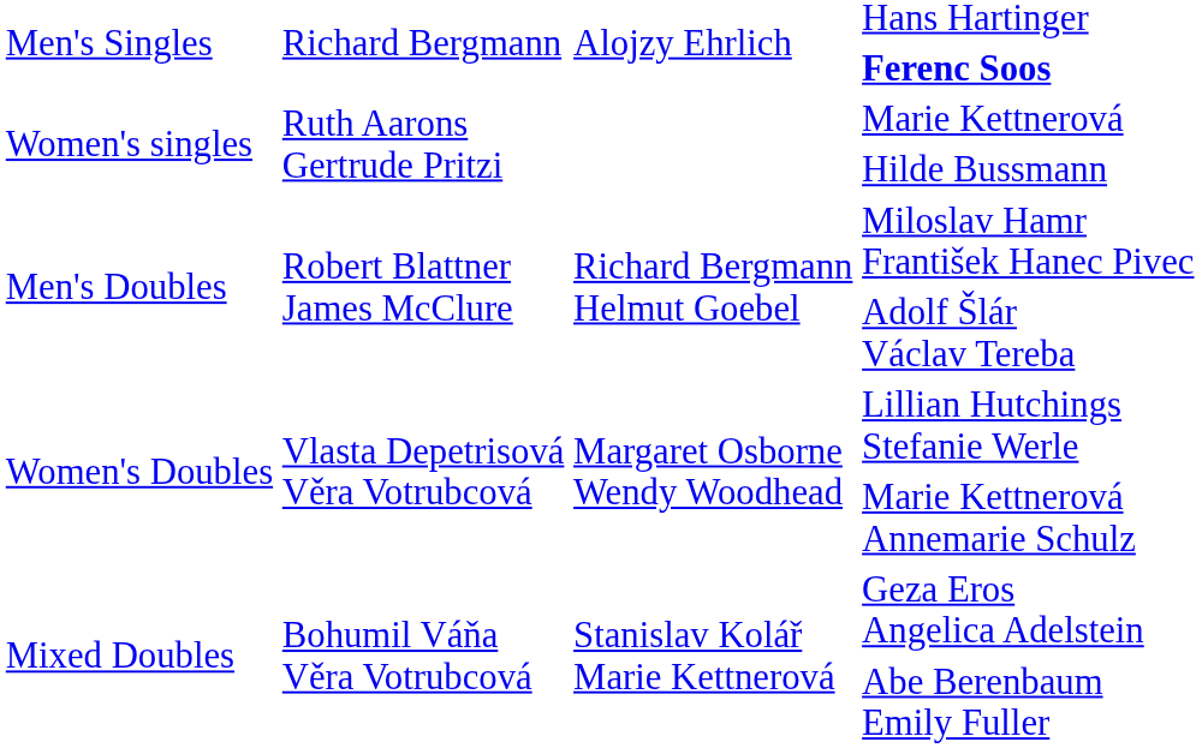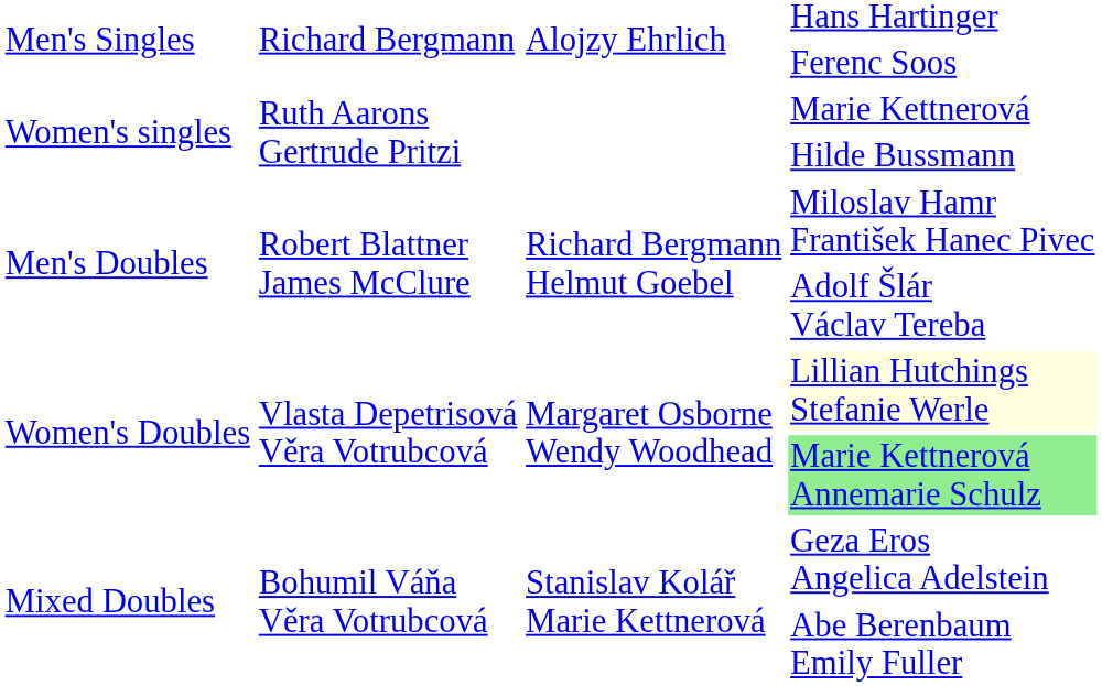 <table>
 <tr>
 <td rowspan=2><a href='#'>Men's Singles</a></td>
 <td rowspan=2> <a href='#'>Richard Bergmann</a></td>
 <td rowspan=2> <a href='#'>Alojzy Ehrlich</a></td>
 <td> <a href='#'>Hans Hartinger</a></td>
 </tr>
 <tr>
-<td><strong> <a href='#'>Ferenc Soos</a></strong></td>
+<td> <a href='#'>Ferenc Soos</a></td>
 </tr>
 <tr>
 <td rowspan=2><a href='#'>Women's singles</a></td>
 <td colspan=2 rowspan=2> <a href='#'>Ruth Aarons</a><br> <a href='#'>Gertrude Pritzi</a></td>
 <td> <a href='#'>Marie Kettnerová</a></td>
 </tr>
 <tr>
 <td> <a href='#'>Hilde Bussmann</a></td>
 </tr>
 <tr>
 <td rowspan=2><a href='#'>Men's Doubles</a></td>
 <td rowspan=2> <a href='#'>Robert Blattner</a><br> <a href='#'>James McClure</a></td>
 <td rowspan=2> <a href='#'>Richard Bergmann</a><br> <a href='#'>Helmut Goebel</a></td>
 <td> <a href='#'>Miloslav Hamr</a><br> <a href='#'>František Hanec Pivec</a></td>
 </tr>
 <tr>
 <td> <a href='#'>Adolf Šlár</a><br> <a href='#'>Václav Tereba</a></td>
 </tr>
 <tr>
 <td rowspan=2><a href='#'>Women's Doubles</a></td>
 <td rowspan=2> <a href='#'>Vlasta Depetrisová</a><br> <a href='#'>Věra Votrubcová</a></td>
 <td rowspan=2> <a href='#'>Margaret Osborne</a><br> <a href='#'>Wendy Woodhead</a></td>
-<td> <a href='#'>Lillian Hutchings</a><br> <a href='#'>Stefanie Werle</a></td>
+<td style="background: lightyellow;"> <a href='#'>Lillian Hutchings</a><br> <a href='#'>Stefanie Werle</a></td>
 </tr>
 <tr>
-<td> <a href='#'>Marie Kettnerová</a><br> <a href='#'>Annemarie Schulz</a></td>
+<td style="background: lightgreen;"> <a href='#'>Marie Kettnerová</a><br> <a href='#'>Annemarie Schulz</a></td>
 </tr>
 <tr>
 <td rowspan=2><a href='#'>Mixed Doubles</a></td>
 <td rowspan=2> <a href='#'>Bohumil Váňa</a><br> <a href='#'>Věra Votrubcová</a></td>
 <td rowspan=2> <a href='#'>Stanislav Kolář</a><br> <a href='#'>Marie Kettnerová</a></td>
 <td> <a href='#'>Geza Eros</a><br> <a href='#'>Angelica Adelstein</a></td>
 </tr>
 <tr>
 <td> <a href='#'>Abe Berenbaum</a><br> <a href='#'>Emily Fuller</a></td>
 </tr>
 </table>
